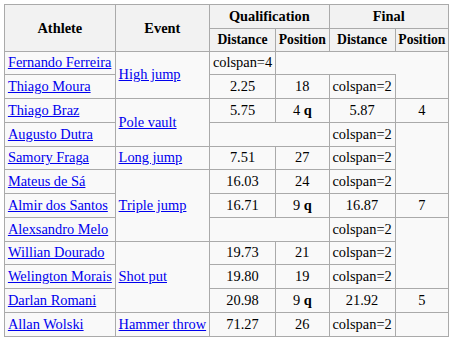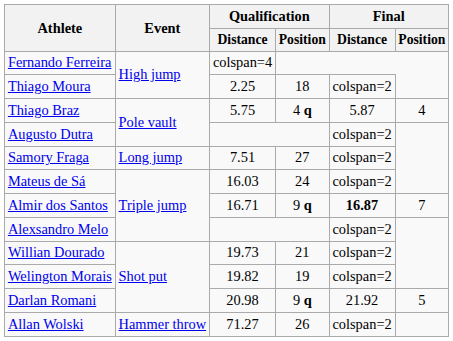 <table class=wikitable style=font-size:90%>
 <tr>
 <th rowspan=2>Athlete</th>
 <th rowspan=2>Event</th>
 <th colspan=2>Qualification</th>
 <th colspan=2>Final</th>
 </tr>
 <tr style=font-size:95%>
 <th>Distance</th>
 <th>Position</th>
 <th>Distance</th>
 <th>Position</th>
 </tr>
 <tr align=center>
 <td align=left><a href='#'>Fernando Ferreira</a></td>
 <td align=left rowspan=2><a href='#'>High jump</a></td>
 <td>colspan=4 </td>
 </tr>
 <tr align=center>
 <td align=left><a href='#'>Thiago Moura</a></td>
 <td>2.25</td>
 <td>18</td>
 <td>colspan=2 </td>
 </tr>
 <tr align=center>
 <td align=left><a href='#'>Thiago Braz</a></td>
 <td align=left rowspan=2><a href='#'>Pole vault</a></td>
 <td>5.75</td>
 <td>4 <strong>q</strong></td>
 <td>5.87</td>
 <td>4</td>
 </tr>
 <tr align=center>
 <td align=left><a href='#'>Augusto Dutra</a></td>
 <td colspan=2></td>
 <td>colspan=2 </td>
 </tr>
 <tr align=center>
 <td align=left><a href='#'>Samory Fraga</a></td>
 <td align=left><a href='#'>Long jump</a></td>
 <td>7.51</td>
 <td>27</td>
 <td>colspan=2 </td>
 </tr>
 <tr align=center>
 <td align=left><a href='#'>Mateus de Sá</a></td>
 <td align=left rowspan=3><a href='#'>Triple jump</a></td>
 <td>16.03</td>
 <td>24</td>
 <td>colspan=2 </td>
 </tr>
 <tr align=center>
 <td align=left><a href='#'>Almir dos Santos</a></td>
 <td>16.71</td>
 <td>9 <strong>q</strong></td>
-<td>16.87</td>
+<td><strong>16.87</strong></td>
 <td>7</td>
 </tr>
 <tr align=center>
 <td align=left><a href='#'>Alexsandro Melo</a></td>
 <td colspan=2></td>
 <td>colspan=2 </td>
 </tr>
 <tr align=center>
 <td align=left><a href='#'>Willian Dourado</a></td>
 <td align=left rowspan=3><a href='#'>Shot put</a></td>
 <td>19.73</td>
 <td>21</td>
 <td>colspan=2 </td>
 </tr>
 <tr align=center>
 <td align=left><a href='#'>Welington Morais</a></td>
-<td>19.80</td>
+<td>19.82</td>
 <td>19</td>
 <td>colspan=2 </td>
 </tr>
 <tr align=center>
 <td align=left><a href='#'>Darlan Romani</a></td>
 <td>20.98</td>
 <td>9 <strong>q</strong></td>
 <td>21.92</td>
 <td>5</td>
 </tr>
 <tr align=center>
 <td align=left><a href='#'>Allan Wolski</a></td>
 <td align=left><a href='#'>Hammer throw</a></td>
 <td>71.27</td>
 <td>26</td>
 <td>colspan=2 </td>
 </tr>
 </table>
